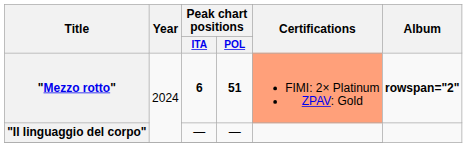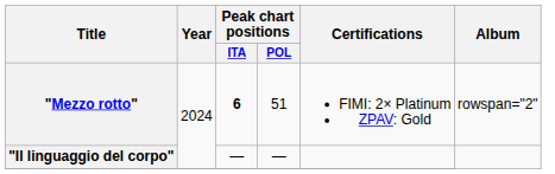 <table class="wikitable plainrowheaders" style="text-align:center;">
 <tr>
 <th scope="col" rowspan="2">Title</th>
 <th scope="col" rowspan="2">Year</th>
 <th scope="col" colspan="2">Peak chart positions</th>
 <th scope="col" rowspan="2">Certifications</th>
 <th scope="col" rowspan="2">Album</th>
 </tr>
 <tr>
 <th scope="col" style="width:3em;font-size:85%"><a href='#'>ITA</a><br></th>
 <th scope="col" style="width:3em;font-size:85%;"><a href='#'>POL</a><br></th>
 </tr>
 <tr>
 <th scope="row">"<a href='#'>Mezzo rotto</a>" <br></th>
 <td rowspan=2>2024</td>
 <td><strong>6</strong></td>
-<td><strong>51</strong></td>
-<td style="background: lightsalmon;"><br><ul><li>FIMI: 2× Platinum</li><li><a href='#'>ZPAV</a>: Gold</li></ul></td>
-<td><strong>rowspan="2" </strong></td>
+<td>51</td>
+<td><br><ul><li>FIMI: 2× Platinum</li><li><a href='#'>ZPAV</a>: Gold</li></ul></td>
+<td>rowspan="2" </td>
 </tr>
 <tr>
 <th scope="row">"Il linguaggio del corpo" <br></th>
 <td>—</td>
 <td>—</td>
 <td></td>
 </tr>
 <tr>
 </tr>
 </table>
